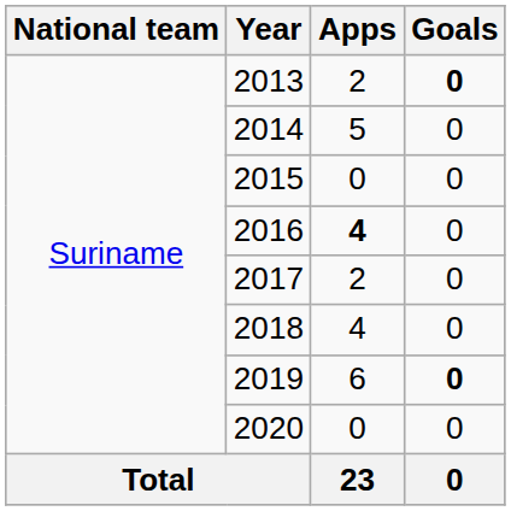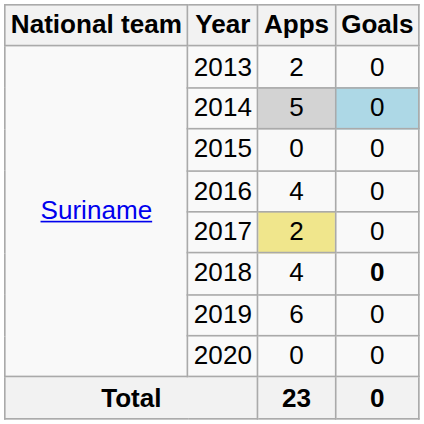 <table class="wikitable" style="text-align:center">
 <tr>
 <th>National team</th>
 <th>Year</th>
 <th>Apps</th>
 <th>Goals</th>
 </tr>
 <tr>
 <td rowspan="8"><a href='#'>Suriname</a></td>
 <td>2013</td>
 <td>2</td>
-<td><strong>0</strong></td>
+<td>0</td>
 </tr>
 <tr>
 <td>2014</td>
-<td>5</td>
-<td>0</td>
+<td style="background: lightgrey;">5</td>
+<td style="background: lightblue;">0</td>
 </tr>
 <tr>
 <td>2015</td>
 <td>0</td>
 <td>0</td>
 </tr>
 <tr>
 <td>2016</td>
-<td><strong>4</strong></td>
+<td>4</td>
 <td>0</td>
 </tr>
 <tr>
 <td>2017</td>
-<td>2</td>
+<td style="background: khaki;">2</td>
 <td>0</td>
 </tr>
 <tr>
 <td>2018</td>
 <td>4</td>
-<td>0</td>
+<td><strong>0</strong></td>
 </tr>
 <tr>
 <td>2019</td>
 <td>6</td>
-<td><strong>0</strong></td>
+<td>0</td>
 </tr>
 <tr>
 <td>2020</td>
 <td>0</td>
 <td>0</td>
 </tr>
 <tr>
 <th colspan=2>Total</th>
 <th>23</th>
 <th>0</th>
 </tr>
 </table>
